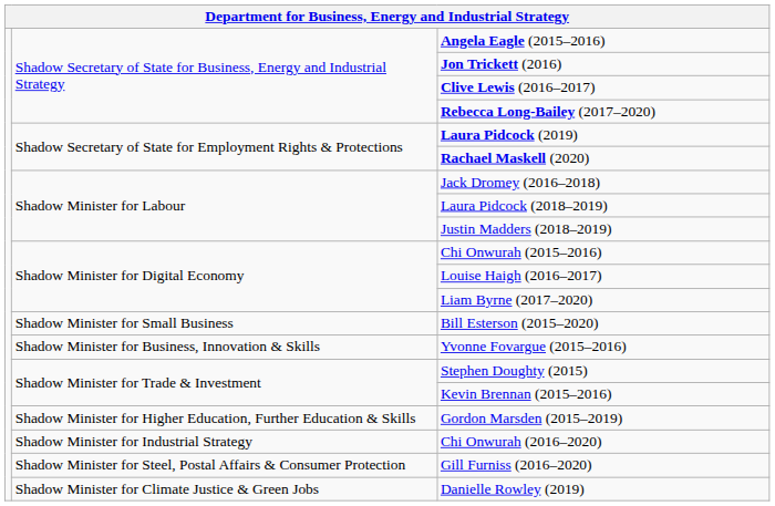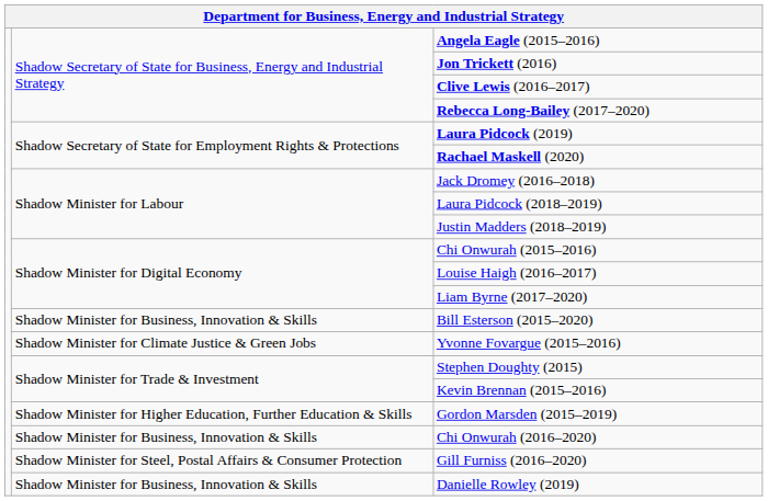 <table class="wikitable">
 <tr>
 <th colspan="4"><a href='#'>Department for Business, Energy and Industrial Strategy</a></th>
 </tr>
 <tr>
 <td rowspan="20" style="background: "></td>
 <td rowspan="4" style="width: 450px;"><a href='#'>Shadow Secretary of State for Business, Energy and Industrial Strategy</a></td>
 <td style="width: 350px;"><strong><a href='#'>Angela Eagle</a></strong> (2015–2016)</td>
 </tr>
 <tr>
 <td><strong><a href='#'>Jon Trickett</a></strong> (2016)</td>
 </tr>
 <tr>
 <td><strong><a href='#'>Clive Lewis</a></strong> (2016–2017)</td>
 </tr>
 <tr>
 <td><strong><a href='#'>Rebecca Long-Bailey</a></strong> (2017–2020)</td>
 </tr>
 <tr>
 <td rowspan="2" style="width: 450px;">Shadow Secretary of State for Employment Rights & Protections</td>
 <td style="width: 350px;"><strong><a href='#'>Laura Pidcock</a></strong> (2019)</td>
 </tr>
 <tr>
 <td><strong><a href='#'>Rachael Maskell</a></strong> (2020)</td>
 </tr>
 <tr>
 <td rowspan="3">Shadow Minister for Labour</td>
 <td><a href='#'>Jack Dromey</a> (2016–2018)</td>
 </tr>
 <tr>
 <td><a href='#'>Laura Pidcock</a> (2018–2019)</td>
 </tr>
 <tr>
 <td><a href='#'>Justin Madders</a> (2018–2019)</td>
 </tr>
 <tr>
 <td rowspan="3">Shadow Minister for Digital Economy</td>
 <td><a href='#'>Chi Onwurah</a> (2015–2016)</td>
 </tr>
 <tr>
 <td><a href='#'>Louise Haigh</a> (2016–2017)</td>
 </tr>
 <tr>
 <td><a href='#'>Liam Byrne</a> (2017–2020)</td>
 </tr>
 <tr>
-<td>Shadow Minister for Small Business</td>
+<td>Shadow Minister for Business, Innovation & Skills</td>
 <td><a href='#'>Bill Esterson</a> (2015–2020)</td>
 </tr>
 <tr>
-<td>Shadow Minister for Business, Innovation & Skills</td>
+<td>Shadow Minister for Climate Justice & Green Jobs</td>
 <td><a href='#'>Yvonne Fovargue</a> (2015–2016)</td>
 </tr>
 <tr>
 <td rowspan="2">Shadow Minister for Trade & Investment</td>
 <td><a href='#'>Stephen Doughty</a> (2015)</td>
 </tr>
 <tr>
 <td><a href='#'>Kevin Brennan</a> (2015–2016)</td>
 </tr>
 <tr>
 <td>Shadow Minister for Higher Education, Further Education & Skills</td>
 <td><a href='#'>Gordon Marsden</a> (2015–2019)</td>
 </tr>
 <tr>
-<td>Shadow Minister for Industrial Strategy</td>
+<td>Shadow Minister for Business, Innovation & Skills</td>
 <td><a href='#'>Chi Onwurah</a> (2016–2020)</td>
 </tr>
 <tr>
 <td>Shadow Minister for Steel, Postal Affairs & Consumer Protection</td>
 <td><a href='#'>Gill Furniss</a> (2016–2020)</td>
 </tr>
 <tr>
-<td>Shadow Minister for Climate Justice & Green Jobs</td>
+<td>Shadow Minister for Business, Innovation & Skills</td>
 <td><a href='#'>Danielle Rowley</a> (2019)</td>
 </tr>
 </table>
